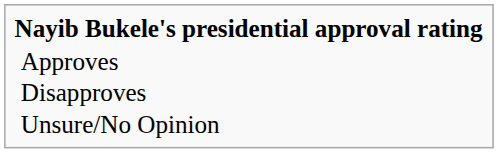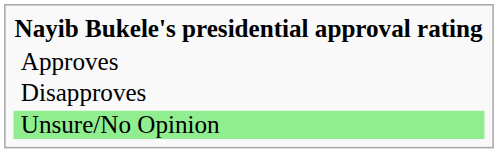 <table style="float; margin-left: 1em; margin-bottom: 0.5em" class="infobox">
 <tr>
 <td style="text-align: center"><span><strong>Nayib Bukele's presidential approval rating</strong></span></td>
 </tr>
 <tr>
 <td style="padding: 0 5px;"> Approves</td>
 </tr>
 <tr>
 <td style="padding: 0 5px;"> Disapproves</td>
 </tr>
 <tr>
-<td style="padding: 0 5px;"> Unsure/No Opinion</td>
+<td style="background: lightgreen; padding: 0 5px;"> Unsure/No Opinion</td>
 </tr>
 </table>
